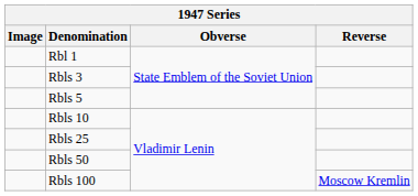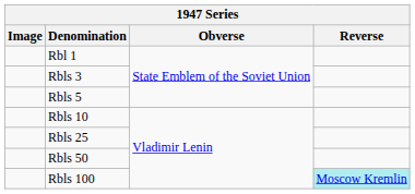 <table class="wikitable">
 <tr>
 <th colspan=4>1947 Series</th>
 </tr>
 <tr>
 <th>Image</th>
 <th>Denomination</th>
 <th>Obverse</th>
 <th>Reverse</th>
 </tr>
 <tr>
 <td align="center"><br></td>
 <td>Rbl 1</td>
 <td rowspan="3"><a href='#'>State Emblem of the Soviet Union</a></td>
 <td></td>
 </tr>
 <tr>
 <td align="center"></td>
 <td>Rbls 3</td>
 <td></td>
 </tr>
 <tr>
 <td align="center"></td>
 <td>Rbls 5</td>
 <td></td>
 </tr>
 <tr>
 <td align="center"></td>
 <td>Rbls 10</td>
 <td rowspan="4"><a href='#'>Vladimir Lenin</a></td>
 <td></td>
 </tr>
 <tr>
 <td align="center"></td>
 <td>Rbls 25</td>
 <td></td>
 </tr>
 <tr>
 <td align="center"></td>
 <td>Rbls 50</td>
 <td></td>
 </tr>
 <tr>
 <td align="center"></td>
 <td>Rbls 100</td>
-<td><a href='#'>Moscow Kremlin</a></td>
+<td style="background: paleturquoise;"><a href='#'>Moscow Kremlin</a></td>
 </tr>
 </table>
